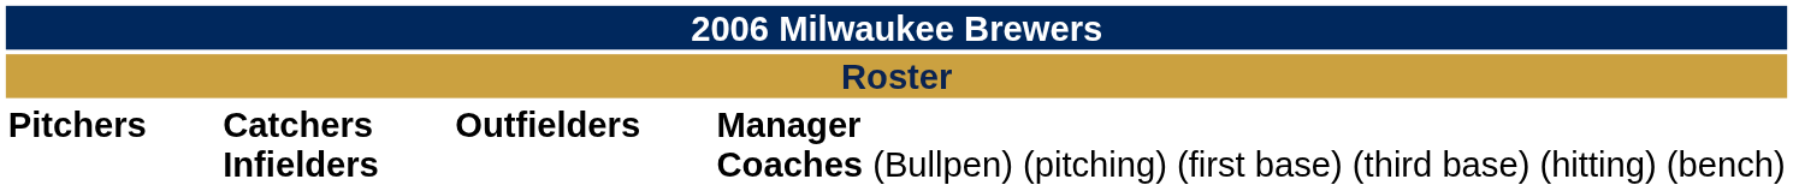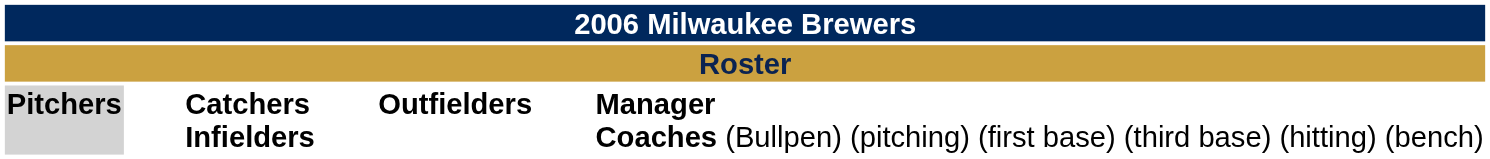 <table class="toccolours" style="font-size: 95%;">
 <tr>
 <th colspan="10" style="background-color: #00285D; color:white; text-align: center;">2006 Milwaukee Brewers</th>
 </tr>
 <tr>
 <td colspan="10" style="background-color: #CBA140; color: #0a2351; text-align: center;"><strong>Roster</strong></td>
 </tr>
 <tr>
-<td valign="top"><strong>Pitchers</strong><br>                          </td>
+<td valign="top" style="background: lightgrey;"><strong>Pitchers</strong><br>                          </td>
 <td width="25px"></td>
 <td valign="top"><strong>Catchers</strong><br>   <strong>Infielders</strong>          </td>
 <td width="25px"></td>
 <td valign="top"><strong>Outfielders</strong><br>        </td>
 <td width="25px"></td>
 <td valign="top"><strong>Manager</strong><br> <strong>Coaches</strong>  (Bullpen)    (pitching)   (first base)  (third base)  (hitting)  (bench)</td>
 </tr>
 <tr>
 </tr>
 </table>
